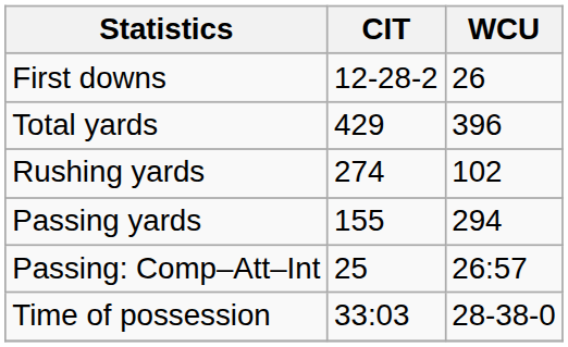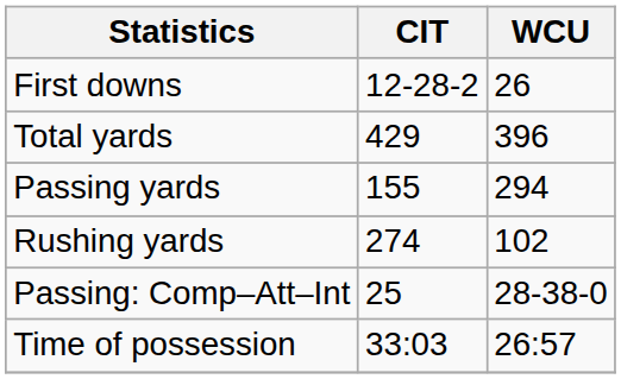 <table class="wikitable" style="float: left;">
 <tr>
 <th>Statistics</th>
 <th>CIT</th>
 <th>WCU</th>
 </tr>
 <tr>
 <td>First downs</td>
 <td>12-28-2</td>
 <td>26</td>
 </tr>
 <tr>
 <td>Total yards</td>
 <td>429</td>
 <td>396</td>
 </tr>
 <tr>
+<td>Passing yards</td>
+<td>155</td>
+<td>294</td>
+</tr>
+<tr>
 <td>Rushing yards</td>
 <td>274</td>
 <td>102</td>
 </tr>
 <tr>
-<td>Passing yards</td>
-<td>155</td>
-<td>294</td>
-</tr>
-<tr>
 <td>Passing: Comp–Att–Int</td>
 <td>25</td>
-<td>26:57</td>
+<td>28-38-0</td>
 </tr>
 <tr>
 <td>Time of possession</td>
 <td>33:03</td>
-<td>28-38-0</td>
+<td>26:57</td>
 </tr>
 <tr>
 </tr>
 </table>
